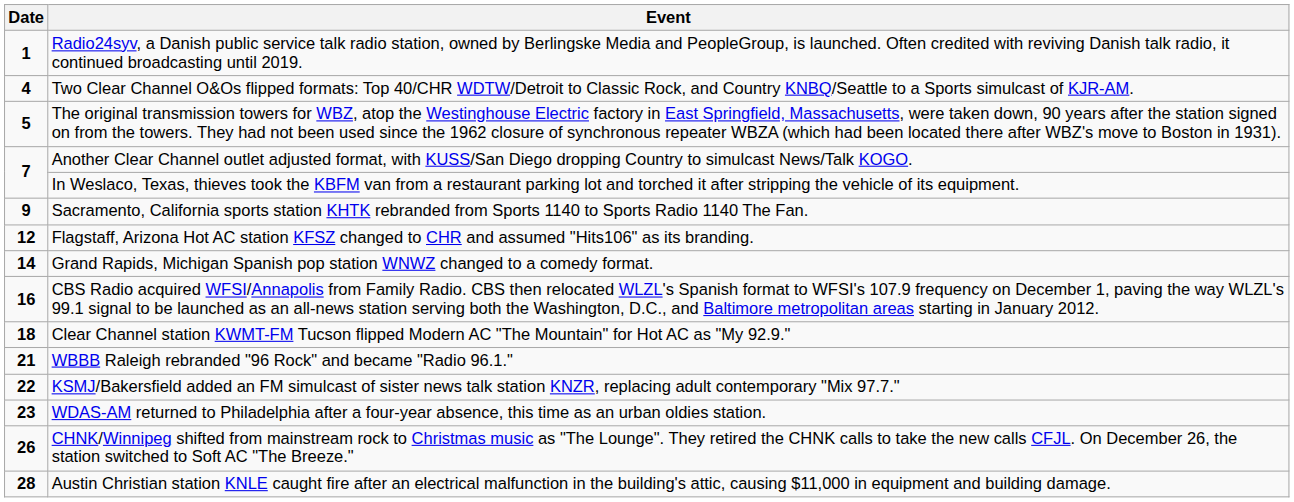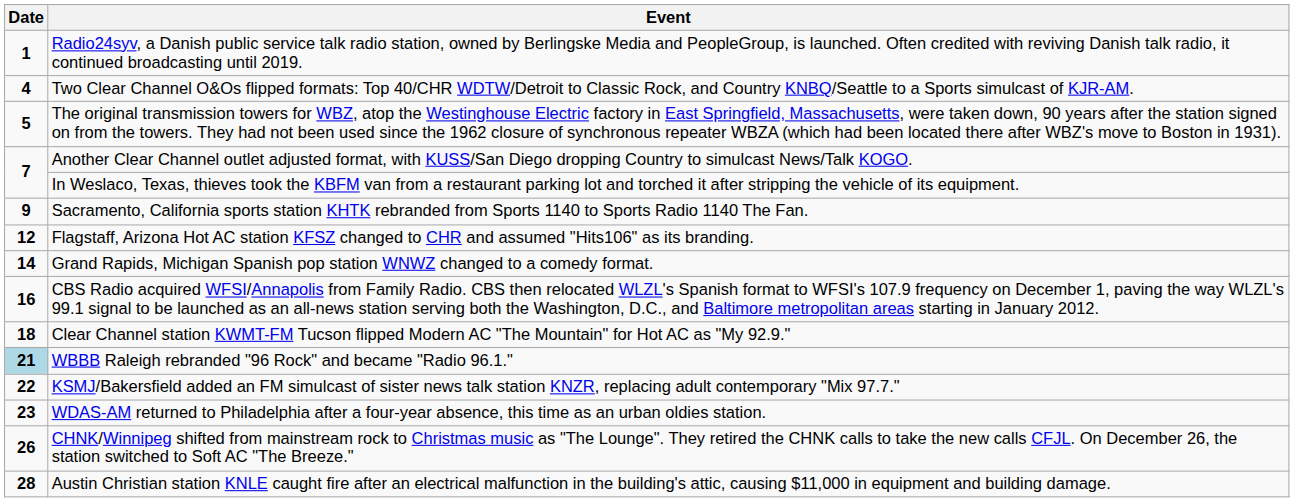 <table class="wikitable">
 <tr>
 <th>Date</th>
 <th>Event</th>
 </tr>
 <tr>
 <td style="text-align:center;"><strong>1</strong></td>
 <td><a href='#'>Radio24syv</a>, a Danish public service talk radio station, owned by Berlingske Media and PeopleGroup, is launched. Often credited with reviving Danish talk radio, it continued broadcasting until 2019.</td>
 </tr>
 <tr>
 <td style="text-align:center;"><strong>4</strong></td>
 <td>Two Clear Channel O&Os flipped formats: Top 40/CHR <a href='#'>WDTW</a>/Detroit to Classic Rock, and Country <a href='#'>KNBQ</a>/Seattle to a Sports simulcast of <a href='#'>KJR-AM</a>.</td>
 </tr>
 <tr>
 <td style="text-align:center;"><strong>5</strong></td>
 <td>The original transmission towers for <a href='#'>WBZ</a>, atop the <a href='#'>Westinghouse Electric</a> factory in <a href='#'>East Springfield, Massachusetts</a>, were taken down, 90 years after the station signed on from the towers.  They had not been used since the 1962 closure of synchronous repeater WBZA (which had been located there after WBZ's move to Boston in 1931).</td>
 </tr>
 <tr>
 <td style="text-align:center;" rowspan="2"><strong>7</strong></td>
 <td>Another Clear Channel outlet adjusted format, with <a href='#'>KUSS</a>/San Diego dropping Country to simulcast News/Talk <a href='#'>KOGO</a>.</td>
 </tr>
 <tr>
 <td>In Weslaco, Texas, thieves took the <a href='#'>KBFM</a> van from a restaurant parking lot and torched it after stripping the vehicle of its equipment.</td>
 </tr>
 <tr>
 <td style="text-align:center;"><strong>9</strong></td>
 <td>Sacramento, California sports station <a href='#'>KHTK</a> rebranded from Sports 1140 to Sports Radio 1140 The Fan.</td>
 </tr>
 <tr>
 <td style="text-align:center;"><strong>12</strong></td>
 <td>Flagstaff, Arizona Hot AC station <a href='#'>KFSZ</a> changed to <a href='#'>CHR</a> and assumed "Hits106" as its branding.</td>
 </tr>
 <tr>
 <td style="text-align:center;"><strong>14</strong></td>
 <td>Grand Rapids, Michigan Spanish pop station <a href='#'>WNWZ</a> changed to a comedy format.</td>
 </tr>
 <tr>
 <td style="text-align:center;"><strong>16</strong></td>
 <td>CBS Radio acquired <a href='#'>WFSI</a>/<a href='#'>Annapolis</a> from Family Radio. CBS then relocated <a href='#'>WLZL</a>'s Spanish format to WFSI's 107.9 frequency on December 1, paving the way WLZL's 99.1 signal to be launched as an all-news station serving both the Washington, D.C., and <a href='#'>Baltimore metropolitan areas</a> starting in January 2012.</td>
 </tr>
 <tr>
 <td style="text-align:center;"><strong>18</strong></td>
 <td>Clear Channel station <a href='#'>KWMT-FM</a> Tucson flipped Modern AC "The Mountain" for Hot AC as "My 92.9."</td>
 </tr>
 <tr>
-<td style="text-align:center;"><strong>21</strong></td>
+<td style="background: lightblue; text-align:center;"><strong>21</strong></td>
 <td><a href='#'>WBBB</a> Raleigh rebranded "96 Rock" and became "Radio 96.1."</td>
 </tr>
 <tr>
 <td style="text-align:center;"><strong>22</strong></td>
 <td><a href='#'>KSMJ</a>/Bakersfield added an FM simulcast of sister news talk station <a href='#'>KNZR</a>, replacing adult contemporary "Mix 97.7."</td>
 </tr>
 <tr>
 <td style="text-align:center;"><strong>23</strong></td>
 <td><a href='#'>WDAS-AM</a> returned to Philadelphia after a four-year absence, this time as an urban oldies station.</td>
 </tr>
 <tr>
 <td style="text-align:center;"><strong>26</strong></td>
 <td><a href='#'>CHNK</a>/<a href='#'>Winnipeg</a> shifted from mainstream rock to <a href='#'>Christmas music</a> as "The Lounge". They retired the CHNK calls to take the new calls <a href='#'>CFJL</a>. On December 26, the station switched to Soft AC "The Breeze."</td>
 </tr>
 <tr>
 <td style="text-align:center;"><strong>28</strong></td>
 <td>Austin Christian station <a href='#'>KNLE</a> caught fire after an electrical malfunction in the building's attic, causing $11,000 in equipment and building damage.</td>
 </tr>
 </table>
